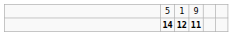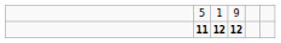 <table class="wikitable">
 <tr>
 <td style="width:18em"></td>
 <td align=center style="width:1em">5</td>
 <td align=center style="width:1em">1</td>
 <td align=center style="width:1em">9</td>
 <td align=center style="width:1em"></td>
 <td align=center style="width:1em"></td>
 </tr>
 <tr>
 <td style="width:18em"></td>
-<td align=center style="width:1em"><strong>14</strong></td>
+<td align=center style="width:1em"><strong>11</strong></td>
 <td align=center style="width:1em"><strong>12</strong></td>
-<td align=center style="width:1em"><strong>11</strong></td>
+<td align=center style="width:1em"><strong>12</strong></td>
 <td align=center style="width:1em"></td>
 <td align=center style="width:1em"></td>
 </tr>
 </table>
